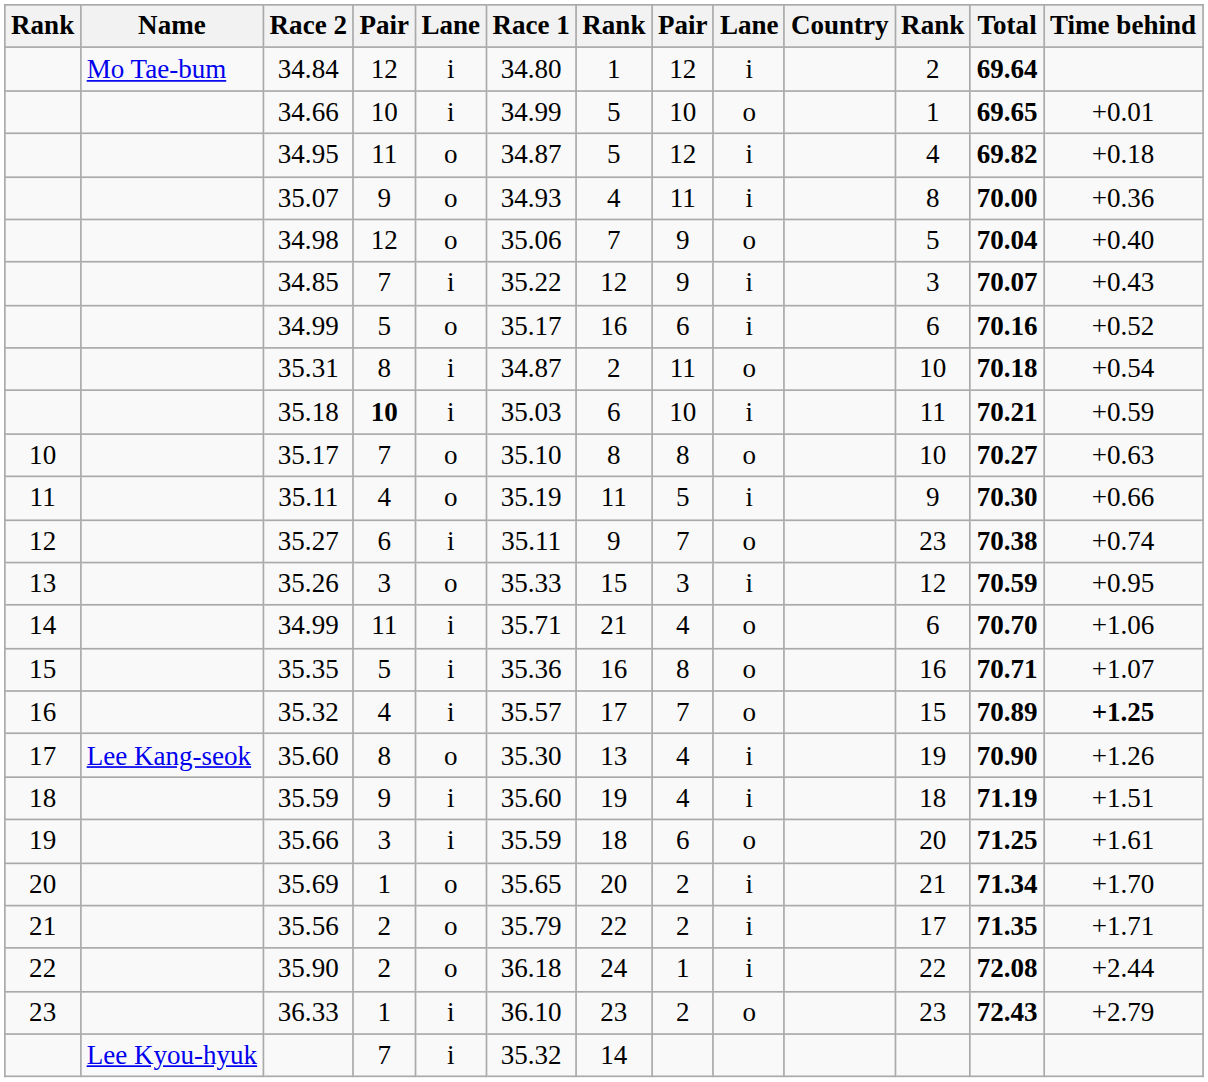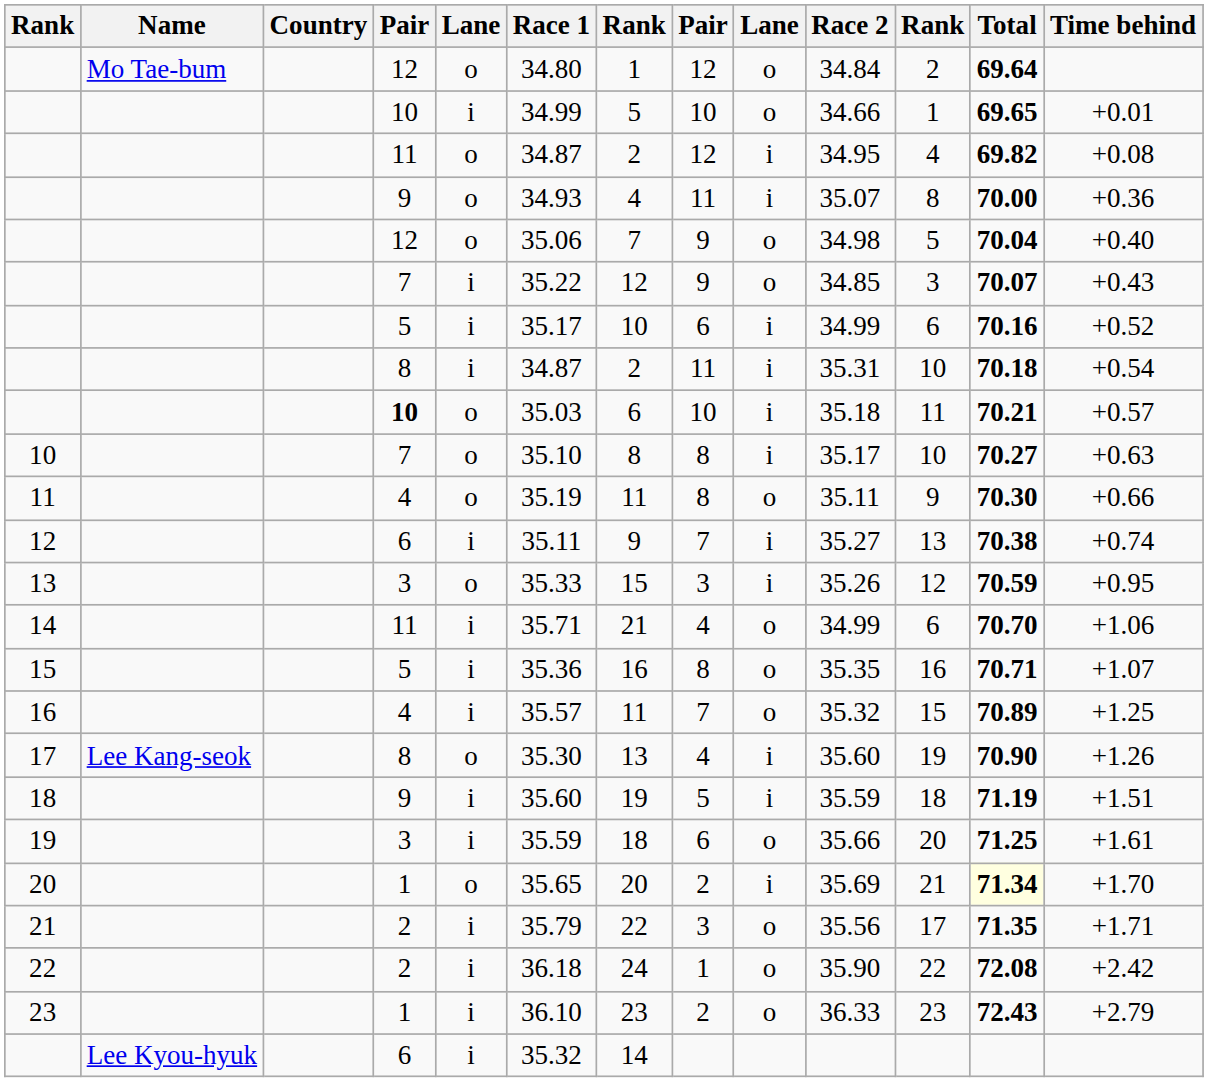 <table class="wikitable sortable" style="text-align:center">
 <tr>
 <th>Rank</th>
 <th>Name</th>
-<th>Race 2</th>
+<th>Country</th>
 <th>Pair</th>
 <th>Lane</th>
 <th>Race 1</th>
 <th>Rank</th>
 <th>Pair</th>
 <th>Lane</th>
-<th>Country</th>
+<th>Race 2</th>
 <th>Rank</th>
 <th>Total</th>
 <th>Time behind</th>
 </tr>
 <tr>
 <td></td>
 <td align=left><a href='#'>Mo Tae-bum</a></td>
-<td>34.84</td>
+<td align=left></td>
 <td>12</td>
-<td>i</td>
+<td>o</td>
 <td>34.80</td>
 <td>1</td>
 <td>12</td>
-<td>i</td>
-<td align=left></td>
+<td>o</td>
+<td>34.84</td>
 <td>2</td>
 <td><strong>69.64</strong></td>
 <td></td>
 </tr>
 <tr>
 <td></td>
 <td align=left></td>
-<td>34.66</td>
+<td align=left></td>
 <td>10</td>
 <td>i</td>
 <td>34.99</td>
 <td>5</td>
 <td>10</td>
 <td>o</td>
-<td align=left></td>
+<td>34.66</td>
 <td>1</td>
 <td><strong>69.65</strong></td>
 <td>+0.01</td>
 </tr>
 <tr>
 <td></td>
 <td align=left></td>
-<td>34.95</td>
+<td align=left></td>
 <td>11</td>
 <td>o</td>
 <td>34.87</td>
-<td>5</td>
+<td>2</td>
 <td>12</td>
 <td>i</td>
-<td align=left></td>
+<td>34.95</td>
 <td>4</td>
 <td><strong>69.82</strong></td>
-<td>+0.18</td>
+<td>+0.08</td>
 </tr>
 <tr>
 <td></td>
 <td align=left></td>
-<td>35.07</td>
+<td align=left></td>
 <td>9</td>
 <td>o</td>
 <td>34.93</td>
 <td>4</td>
 <td>11</td>
 <td>i</td>
-<td align=left></td>
+<td>35.07</td>
 <td>8</td>
 <td><strong>70.00</strong></td>
 <td>+0.36</td>
 </tr>
 <tr>
 <td></td>
 <td align=left></td>
-<td>34.98</td>
+<td align=left></td>
 <td>12</td>
 <td>o</td>
 <td>35.06</td>
 <td>7</td>
 <td>9</td>
 <td>o</td>
-<td align=left></td>
+<td>34.98</td>
 <td>5</td>
 <td><strong>70.04</strong></td>
 <td>+0.40</td>
 </tr>
 <tr>
 <td></td>
 <td align=left></td>
-<td>34.85</td>
+<td align=left></td>
 <td>7</td>
 <td>i</td>
 <td>35.22</td>
 <td>12</td>
 <td>9</td>
-<td>i</td>
-<td align=left></td>
+<td>o</td>
+<td>34.85</td>
 <td>3</td>
 <td><strong>70.07</strong></td>
 <td>+0.43</td>
 </tr>
 <tr>
 <td></td>
 <td align=left></td>
-<td>34.99</td>
+<td align=left></td>
 <td>5</td>
-<td>o</td>
+<td>i</td>
 <td>35.17</td>
-<td>16</td>
+<td>10</td>
 <td>6</td>
 <td>i</td>
-<td align=left></td>
+<td>34.99</td>
 <td>6</td>
 <td><strong>70.16</strong></td>
 <td>+0.52</td>
 </tr>
 <tr>
 <td></td>
 <td align=left></td>
-<td>35.31</td>
+<td align=left></td>
 <td>8</td>
 <td>i</td>
 <td>34.87</td>
 <td>2</td>
 <td>11</td>
-<td>o</td>
-<td align=left></td>
+<td>i</td>
+<td>35.31</td>
 <td>10</td>
 <td><strong>70.18</strong></td>
 <td>+0.54</td>
 </tr>
 <tr>
 <td></td>
 <td align=left></td>
-<td>35.18</td>
+<td align=left></td>
 <td><strong>10</strong></td>
-<td>i</td>
+<td>o</td>
 <td>35.03</td>
 <td>6</td>
 <td>10</td>
 <td>i</td>
-<td align=left></td>
+<td>35.18</td>
 <td>11</td>
 <td><strong>70.21</strong></td>
-<td>+0.59</td>
+<td>+0.57</td>
 </tr>
 <tr>
 <td>10</td>
 <td align=left></td>
-<td>35.17</td>
+<td align=left></td>
 <td>7</td>
 <td>o</td>
 <td>35.10</td>
 <td>8</td>
 <td>8</td>
-<td>o</td>
-<td align=left></td>
+<td>i</td>
+<td>35.17</td>
 <td>10</td>
 <td><strong>70.27</strong></td>
 <td>+0.63</td>
 </tr>
 <tr>
 <td>11</td>
 <td align=left></td>
-<td>35.11</td>
+<td align=left></td>
 <td>4</td>
 <td>o</td>
 <td>35.19</td>
 <td>11</td>
-<td>5</td>
-<td>i</td>
-<td align=left></td>
+<td>8</td>
+<td>o</td>
+<td>35.11</td>
 <td>9</td>
 <td><strong>70.30</strong></td>
 <td>+0.66</td>
 </tr>
 <tr>
 <td>12</td>
 <td align=left></td>
-<td>35.27</td>
+<td align=left></td>
 <td>6</td>
 <td>i</td>
 <td>35.11</td>
 <td>9</td>
 <td>7</td>
-<td>o</td>
-<td align=left></td>
-<td>23</td>
+<td>i</td>
+<td>35.27</td>
+<td>13</td>
 <td><strong>70.38</strong></td>
 <td>+0.74</td>
 </tr>
 <tr>
 <td>13</td>
 <td align=left></td>
-<td>35.26</td>
+<td align=left></td>
 <td>3</td>
 <td>o</td>
 <td>35.33</td>
 <td>15</td>
 <td>3</td>
 <td>i</td>
-<td align=left></td>
+<td>35.26</td>
 <td>12</td>
 <td><strong>70.59</strong></td>
 <td>+0.95</td>
 </tr>
 <tr>
 <td>14</td>
 <td align=left></td>
-<td>34.99</td>
+<td align=left></td>
 <td>11</td>
 <td>i</td>
 <td>35.71</td>
 <td>21</td>
 <td>4</td>
 <td>o</td>
-<td align=left></td>
+<td>34.99</td>
 <td>6</td>
 <td><strong>70.70</strong></td>
 <td>+1.06</td>
 </tr>
 <tr>
 <td>15</td>
 <td align=left></td>
-<td>35.35</td>
+<td align=left></td>
 <td>5</td>
 <td>i</td>
 <td>35.36</td>
 <td>16</td>
 <td>8</td>
 <td>o</td>
-<td align=left></td>
+<td>35.35</td>
 <td>16</td>
 <td><strong>70.71</strong></td>
 <td>+1.07</td>
 </tr>
 <tr>
 <td>16</td>
 <td align=left></td>
-<td>35.32</td>
+<td align=left></td>
 <td>4</td>
 <td>i</td>
 <td>35.57</td>
-<td>17</td>
+<td>11</td>
 <td>7</td>
 <td>o</td>
-<td align=left></td>
+<td>35.32</td>
 <td>15</td>
 <td><strong>70.89</strong></td>
-<td><strong>+1.25</strong></td>
+<td>+1.25</td>
 </tr>
 <tr>
 <td>17</td>
 <td align=left><a href='#'>Lee Kang-seok</a></td>
-<td>35.60</td>
+<td align=left></td>
 <td>8</td>
 <td>o</td>
 <td>35.30</td>
 <td>13</td>
 <td>4</td>
 <td>i</td>
-<td align=left></td>
+<td>35.60</td>
 <td>19</td>
 <td><strong>70.90</strong></td>
 <td>+1.26</td>
 </tr>
 <tr>
 <td>18</td>
 <td align=left></td>
-<td>35.59</td>
+<td align=left></td>
 <td>9</td>
 <td>i</td>
 <td>35.60</td>
 <td>19</td>
-<td>4</td>
+<td>5</td>
 <td>i</td>
-<td align=left></td>
+<td>35.59</td>
 <td>18</td>
 <td><strong>71.19</strong></td>
 <td>+1.51</td>
 </tr>
 <tr>
 <td>19</td>
 <td align=left></td>
-<td>35.66</td>
+<td align=left></td>
 <td>3</td>
 <td>i</td>
 <td>35.59</td>
 <td>18</td>
 <td>6</td>
 <td>o</td>
-<td align=left></td>
+<td>35.66</td>
 <td>20</td>
 <td><strong>71.25</strong></td>
 <td>+1.61</td>
 </tr>
 <tr>
 <td>20</td>
 <td align=left></td>
-<td>35.69</td>
+<td align=left></td>
 <td>1</td>
 <td>o</td>
 <td>35.65</td>
 <td>20</td>
 <td>2</td>
 <td>i</td>
-<td align=left></td>
+<td>35.69</td>
 <td>21</td>
-<td><strong>71.34</strong></td>
+<td style="background: lightyellow;"><strong>71.34</strong></td>
 <td>+1.70</td>
 </tr>
 <tr>
 <td>21</td>
 <td align=left></td>
-<td>35.56</td>
+<td align=left></td>
 <td>2</td>
-<td>o</td>
+<td>i</td>
 <td>35.79</td>
 <td>22</td>
-<td>2</td>
-<td>i</td>
-<td align=left></td>
+<td>3</td>
+<td>o</td>
+<td>35.56</td>
 <td>17</td>
 <td><strong>71.35</strong></td>
 <td>+1.71</td>
 </tr>
 <tr>
 <td>22</td>
 <td align=left></td>
-<td>35.90</td>
+<td align=left></td>
 <td>2</td>
-<td>o</td>
+<td>i</td>
 <td>36.18</td>
 <td>24</td>
 <td>1</td>
-<td>i</td>
-<td align=left></td>
+<td>o</td>
+<td>35.90</td>
 <td>22</td>
 <td><strong>72.08</strong></td>
-<td>+2.44</td>
+<td>+2.42</td>
 </tr>
 <tr>
 <td>23</td>
 <td align=left></td>
-<td>36.33</td>
+<td align=left></td>
 <td>1</td>
 <td>i</td>
 <td>36.10</td>
 <td>23</td>
 <td>2</td>
 <td>o</td>
-<td align=left></td>
+<td>36.33</td>
 <td>23</td>
 <td><strong>72.43</strong></td>
 <td>+2.79</td>
 </tr>
 <tr>
 <td></td>
 <td align=left><a href='#'>Lee Kyou-hyuk</a></td>
-<td></td>
-<td>7</td>
+<td align=left></td>
+<td>6</td>
 <td>i</td>
 <td>35.32</td>
 <td>14</td>
 <td></td>
 <td></td>
-<td align=left></td>
+<td></td>
 <td></td>
 <td><strong></strong></td>
 <td></td>
 </tr>
 </table>
